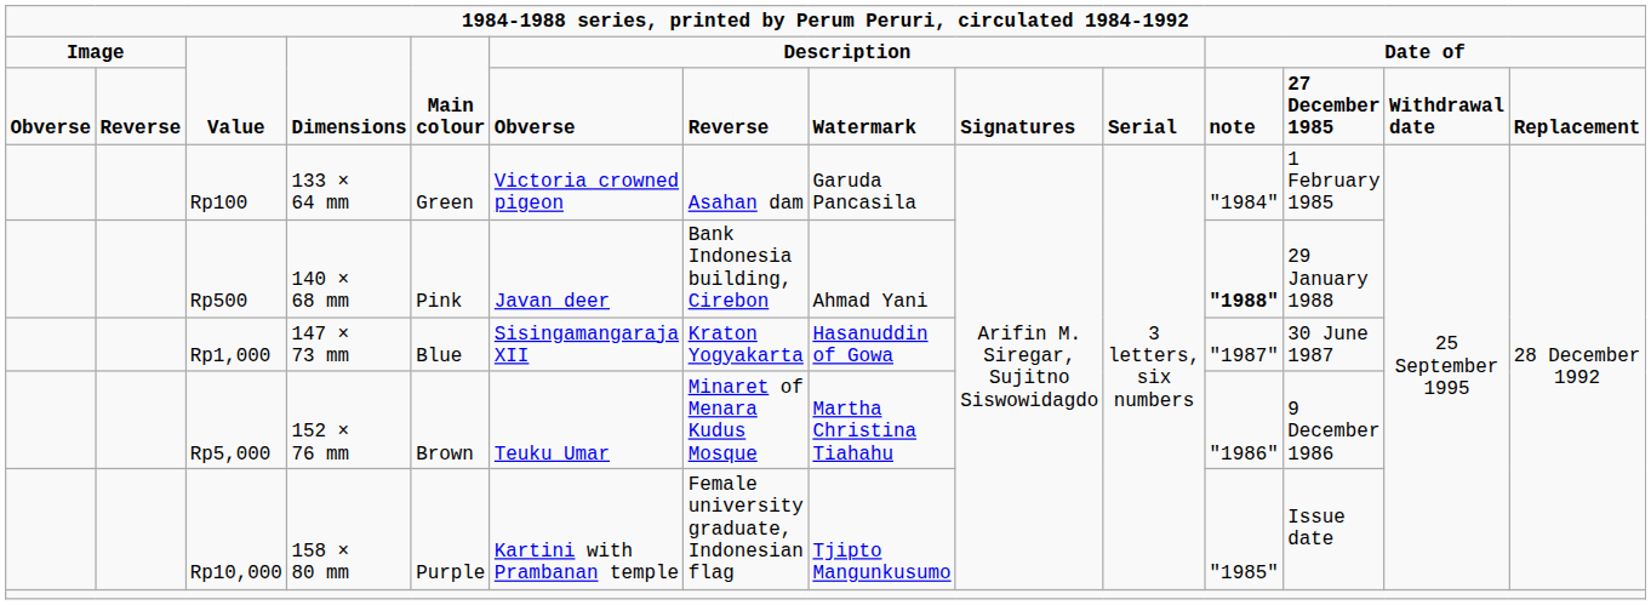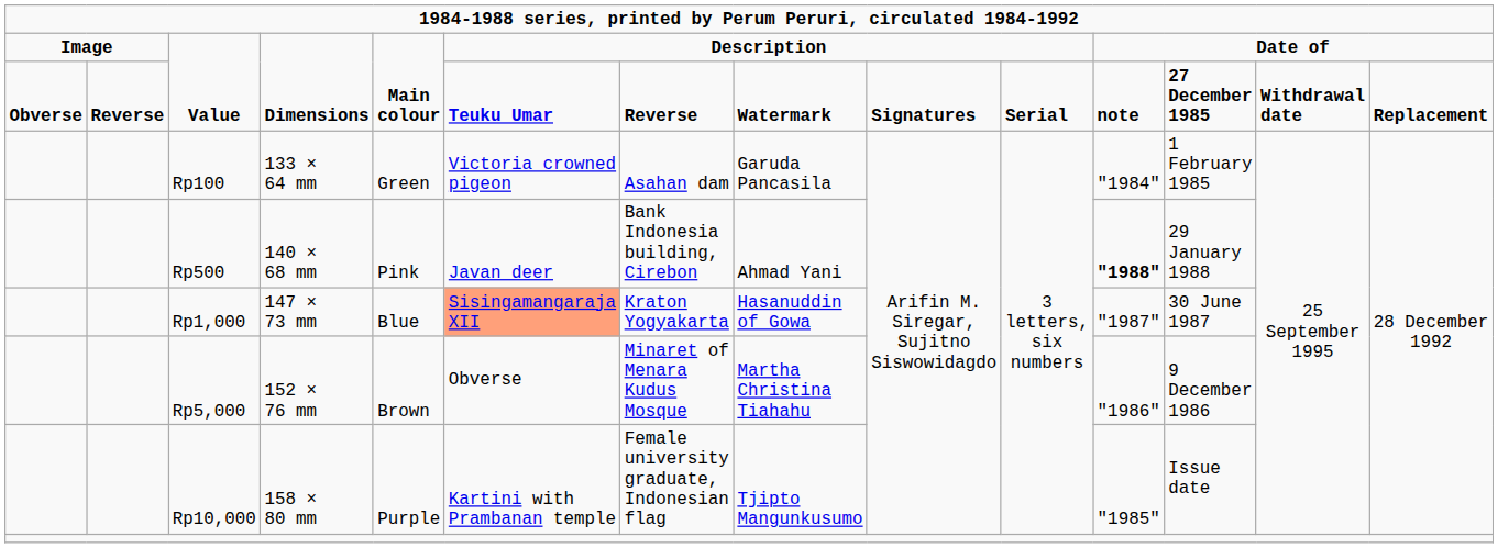 <table class="wikitable" >
 <tr style="text-align:center; font-weight:bold; vertical-align:bottom;">
 <td colspan="14">1984-1988 series, printed by Perum Peruri, circulated 1984-1992</td>
 </tr>
 <tr style="text-align:center; font-weight:bold; vertical-align:bottom;">
 <td colspan="2">Image</td>
 <td rowspan="2">Value</td>
 <td rowspan="2">Dimensions</td>
 <td rowspan="2">Main colour</td>
 <td colspan="5">Description</td>
 <td colspan="4">Date of</td>
 </tr>
 <tr style="font-weight:bold; vertical-align:bottom;">
 <td>Obverse</td>
 <td>Reverse</td>
-<td>Obverse</td>
+<td style="vertical-align:bottom;"><a href='#'>Teuku Umar</a></td>
 <td>Reverse</td>
 <td>Watermark</td>
 <td>Signatures</td>
 <td>Serial</td>
 <td>note</td>
 <td style="vertical-align:bottom;">27 December 1985</td>
 <td>Withdrawal date</td>
 <td>Replacement</td>
 </tr>
 <tr>
 <td style="vertical-align:bottom;"></td>
 <td style="vertical-align:bottom;"></td>
 <td style="vertical-align:bottom;">Rp100</td>
 <td style="vertical-align:bottom;">133 × 64 mm</td>
 <td style="vertical-align:bottom;">Green</td>
 <td style="vertical-align:bottom;"><a href='#'>Victoria crowned pigeon</a></td>
 <td style="vertical-align:bottom;"><a href='#'>Asahan</a> dam</td>
 <td style="vertical-align:bottom;">Garuda Pancasila</td>
 <td rowspan="5" style="text-align:center;">Arifin M. Siregar, Sujitno Siswowidagdo</td>
 <td rowspan="5" style="text-align:center;">3 letters, six numbers</td>
 <td style="vertical-align:bottom;">"1984"</td>
 <td style="vertical-align:bottom;">1 February 1985</td>
 <td rowspan="5" style="text-align:center;">25 September 1995</td>
 <td rowspan="5" style="text-align:center;">28 December 1992</td>
 </tr>
 <tr>
 <td style="vertical-align:bottom;"></td>
 <td style="vertical-align:bottom;"></td>
 <td style="vertical-align:bottom;">Rp500</td>
 <td style="vertical-align:bottom;">140 × 68 mm</td>
 <td style="vertical-align:bottom;">Pink</td>
 <td style="vertical-align:bottom;"><a href='#'>Javan deer</a></td>
 <td style="vertical-align:bottom;">Bank Indonesia building, <a href='#'>Cirebon</a></td>
 <td style="vertical-align:bottom;">Ahmad Yani</td>
 <td style="vertical-align:bottom;"><strong>"1988"</strong></td>
 <td style="vertical-align:bottom;">29 January 1988</td>
 </tr>
 <tr>
 <td style="vertical-align:bottom;"></td>
 <td style="vertical-align:bottom;"></td>
 <td style="vertical-align:bottom;">Rp1,000</td>
 <td style="vertical-align:bottom;">147 × 73 mm</td>
 <td style="vertical-align:bottom;">Blue</td>
-<td style="vertical-align:bottom;"><a href='#'>Sisingamangaraja XII</a></td>
+<td style="background: lightsalmon; vertical-align:bottom;"><a href='#'>Sisingamangaraja XII</a></td>
 <td style="vertical-align:bottom;"><a href='#'>Kraton Yogyakarta</a></td>
 <td style="vertical-align:bottom;"><a href='#'>Hasanuddin of Gowa</a></td>
 <td style="vertical-align:bottom;">"1987"</td>
 <td style="vertical-align:bottom;">30 June 1987</td>
 </tr>
 <tr>
 <td style="vertical-align:bottom;"></td>
 <td style="vertical-align:bottom;"></td>
 <td style="vertical-align:bottom;">Rp5,000</td>
 <td style="vertical-align:bottom;">152 × 76 mm</td>
 <td style="vertical-align:bottom;">Brown</td>
-<td style="vertical-align:bottom;"><a href='#'>Teuku Umar</a></td>
+<td>Obverse</td>
 <td style="vertical-align:bottom;"><a href='#'>Minaret</a> of <a href='#'>Menara Kudus Mosque</a></td>
 <td style="vertical-align:bottom;"><a href='#'>Martha Christina Tiahahu</a></td>
 <td style="vertical-align:bottom;">"1986"</td>
 <td style="vertical-align:bottom;">9 December 1986</td>
 </tr>
 <tr>
 <td style="vertical-align:bottom;"></td>
 <td style="vertical-align:bottom;"></td>
 <td style="vertical-align:bottom;">Rp10,000</td>
 <td style="vertical-align:bottom;">158 × 80 mm</td>
 <td style="vertical-align:bottom;">Purple</td>
 <td style="vertical-align:bottom;"><a href='#'>Kartini</a> with <a href='#'>Prambanan</a> temple</td>
 <td style="vertical-align:bottom;">Female university graduate, Indonesian flag</td>
 <td style="vertical-align:bottom;"><a href='#'>Tjipto Mangunkusumo</a></td>
 <td style="vertical-align:bottom;">"1985"</td>
 <td>Issue date</td>
 </tr>
 <tr style="text-align:center; vertical-align:bottom;">
 <td colspan="14"></td>
 </tr>
 </table>
